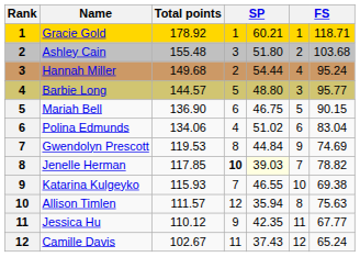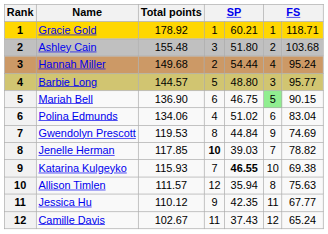 <table class="wikitable sortable">
 <tr>
 <th>Rank</th>
 <th>Name</th>
 <th>Total points</th>
 <th colspan="2" width="80px"><a href='#'>SP</a></th>
 <th colspan="2" width="80px"><a href='#'>FS</a></th>
 </tr>
 <tr bgcolor="gold">
 <td align="center"><strong>1</strong></td>
 <td><a href='#'>Gracie Gold</a></td>
 <td align="center">178.92</td>
 <td align="center">1</td>
 <td align="center">60.21</td>
 <td align="center">1</td>
 <td align="center">118.71</td>
 </tr>
 <tr bgcolor="silver">
 <td align="center"><strong>2</strong></td>
 <td><a href='#'>Ashley Cain</a></td>
 <td align="center">155.48</td>
 <td align="center">3</td>
 <td align="center">51.80</td>
 <td align="center">2</td>
 <td align="center">103.68</td>
 </tr>
 <tr bgcolor="cc9966">
 <td align="center"><strong>3</strong></td>
 <td><a href='#'>Hannah Miller</a></td>
 <td align="center">149.68</td>
 <td align="center">2</td>
 <td align="center">54.44</td>
 <td align="center">4</td>
 <td align="center">95.24</td>
 </tr>
 <tr bgcolor="#d1c571">
 <td align="center"><strong>4</strong></td>
 <td><a href='#'>Barbie Long</a></td>
 <td align="center">144.57</td>
 <td align="center">5</td>
 <td align="center">48.80</td>
 <td align="center">3</td>
 <td align="center">95.77</td>
 </tr>
 <tr>
 <th>5</th>
 <td><a href='#'>Mariah Bell</a></td>
 <td align="center">136.90</td>
 <td align="center">6</td>
 <td align="center">46.75</td>
-<td align="center">5</td>
+<td align="center" style="background: lightgreen;">5</td>
 <td align="center">90.15</td>
 </tr>
 <tr>
 <th>6</th>
 <td><a href='#'>Polina Edmunds</a></td>
 <td align="center">134.06</td>
 <td align="center">4</td>
 <td align="center">51.02</td>
 <td align="center">6</td>
 <td align="center">83.04</td>
 </tr>
 <tr>
 <th>7</th>
 <td><a href='#'>Gwendolyn Prescott</a></td>
 <td align="center">119.53</td>
 <td align="center">8</td>
 <td align="center">44.84</td>
 <td align="center">9</td>
 <td align="center">74.69</td>
 </tr>
 <tr>
 <th>8</th>
 <td><a href='#'>Jenelle Herman</a></td>
 <td align="center">117.85</td>
 <td align="center"><strong>10</strong></td>
-<td align="center" style="background: lightyellow;">39.03</td>
+<td align="center">39.03</td>
 <td align="center">7</td>
 <td align="center">78.82</td>
 </tr>
 <tr>
 <th>9</th>
 <td><a href='#'>Katarina Kulgeyko</a></td>
 <td align="center">115.93</td>
 <td align="center">7</td>
-<td align="center">46.55</td>
+<td align="center"><strong>46.55</strong></td>
 <td align="center">10</td>
 <td align="center">69.38</td>
 </tr>
 <tr>
 <th>10</th>
 <td><a href='#'>Allison Timlen</a></td>
 <td align="center">111.57</td>
 <td align="center">12</td>
 <td align="center">35.94</td>
 <td align="center">8</td>
 <td align="center">75.63</td>
 </tr>
 <tr>
 <th>11</th>
 <td><a href='#'>Jessica Hu</a></td>
 <td align="center">110.12</td>
 <td align="center">9</td>
 <td align="center">42.35</td>
 <td align="center">11</td>
 <td align="center">67.77</td>
 </tr>
 <tr>
 <th>12</th>
 <td><a href='#'>Camille Davis</a></td>
 <td align="center">102.67</td>
 <td align="center">11</td>
 <td align="center">37.43</td>
 <td align="center">12</td>
 <td align="center">65.24</td>
 </tr>
 </table>
